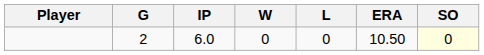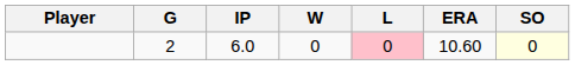 <table class="wikitable sortable">
 <tr>
 <th bgcolor="#DDDDFF" width="16%">Player</th>
 <th bgcolor="#DDDDFF" width="9%">G</th>
 <th bgcolor="#DDDDFF" width="9%">IP</th>
 <th bgcolor="#DDDDFF" width="9%">W</th>
 <th bgcolor="#DDDDFF" width="9%">L</th>
 <th bgcolor="#DDDDFF" width="9%">ERA</th>
 <th bgcolor="#DDDDFF" width="9%">SO</th>
 </tr>
 <tr align="center">
 <td></td>
 <td>2</td>
 <td>6.0</td>
 <td>0</td>
-<td>0</td>
-<td>10.50</td>
+<td style="background: pink;">0</td>
+<td>10.60</td>
 <td style="background: lightyellow;">0</td>
 </tr>
 </table>
